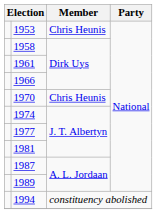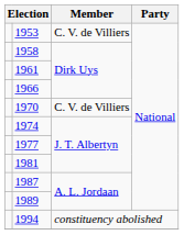 <table class="wikitable">
 <tr>
 <th colspan="2">Election</th>
 <th>Member</th>
 <th>Party</th>
 </tr>
 <tr>
 <td style="background-color: "></td>
 <td><a href='#'>1953</a></td>
-<td><a href='#'>Chris Heunis</a></td>
+<td>C. V. de Villiers</td>
 <td rowspan="10"><a href='#'>National</a></td>
 </tr>
 <tr>
 <td style="background-color: "></td>
 <td><a href='#'>1958</a></td>
 <td rowspan="3"><a href='#'>Dirk Uys</a></td>
 </tr>
 <tr>
 <td style="background-color: "></td>
 <td><a href='#'>1961</a></td>
 </tr>
 <tr>
 <td style="background-color: "></td>
 <td><a href='#'>1966</a></td>
 </tr>
 <tr>
 <td style="background-color: "></td>
 <td><a href='#'>1970</a></td>
-<td><a href='#'>Chris Heunis</a></td>
+<td>C. V. de Villiers</td>
 </tr>
 <tr>
 <td style="background-color: "></td>
 <td><a href='#'>1974</a></td>
 <td rowspan="3"><a href='#'>J. T. Albertyn</a></td>
 </tr>
 <tr>
 <td style="background-color: "></td>
 <td><a href='#'>1977</a></td>
 </tr>
 <tr>
 <td style="background-color: "></td>
 <td><a href='#'>1981</a></td>
 </tr>
 <tr>
 <td style="background-color: "></td>
 <td><a href='#'>1987</a></td>
 <td rowspan="2"><a href='#'>A. L. Jordaan</a></td>
 </tr>
 <tr>
 <td style="background-color: "></td>
 <td><a href='#'>1989</a></td>
 </tr>
 <tr>
 <td style="background-color: "></td>
 <td><a href='#'>1994</a></td>
 <td colspan="2"><em>constituency abolished</em></td>
 </tr>
 <tr>
 </tr>
 </table>
